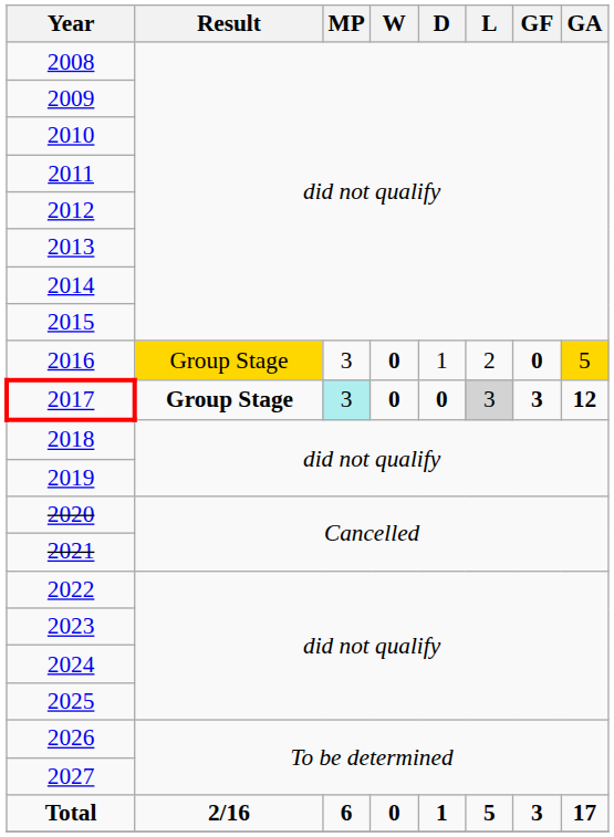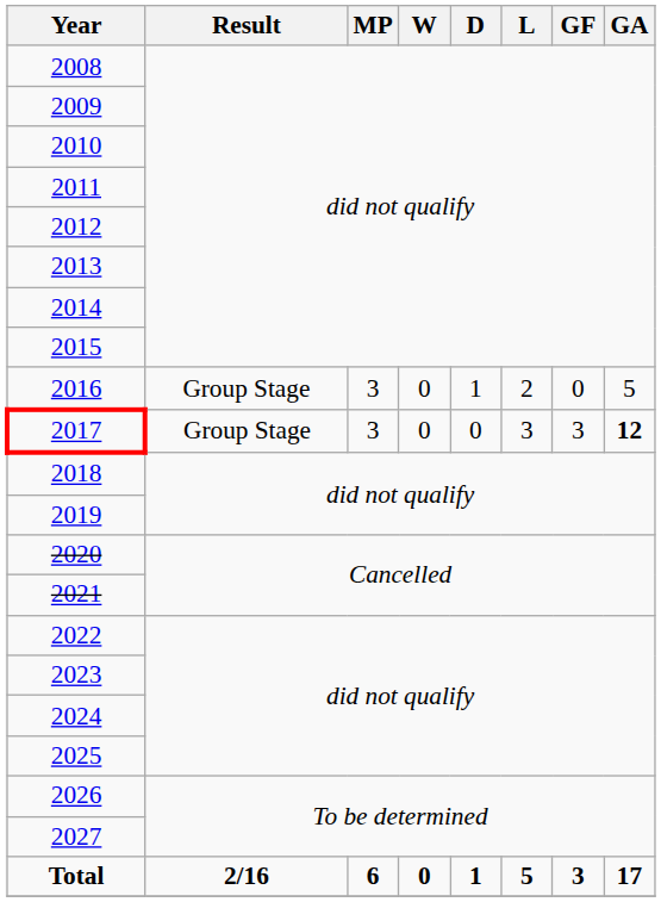 <table class="wikitable" style="text-align: center;">
 <tr>
 <th width=80>Year</th>
 <th width=120>Result</th>
 <th width=25>MP</th>
 <th width=25>W</th>
 <th width=25>D</th>
 <th width=25>L</th>
 <th width=25>GF</th>
 <th width=25>GA</th>
 </tr>
 <tr>
 <td> <a href='#'>2008</a></td>
 <td rowspan=8 colspan=7><em>did not qualify</em></td>
 </tr>
 <tr>
 <td> <a href='#'>2009</a></td>
 </tr>
 <tr>
 <td> <a href='#'>2010</a></td>
 </tr>
 <tr>
 <td> <a href='#'>2011</a></td>
 </tr>
 <tr>
 <td> <a href='#'>2012</a></td>
 </tr>
 <tr>
 <td> <a href='#'>2013</a></td>
 </tr>
 <tr>
 <td> <a href='#'>2014</a></td>
 </tr>
 <tr>
 <td> <a href='#'>2015</a></td>
 </tr>
 <tr>
 <td> <a href='#'>2016</a></td>
-<td style="background: gold;">Group Stage</td>
+<td>Group Stage</td>
 <td>3</td>
-<td><strong>0</strong></td>
+<td>0</td>
 <td>1</td>
 <td>2</td>
-<td><strong>0</strong></td>
-<td style="background: gold;">5</td>
+<td>0</td>
+<td>5</td>
 </tr>
 <tr>
 <td style="border: 3px solid red"> <a href='#'>2017</a></td>
-<td><strong>Group Stage</strong></td>
-<td style="background: paleturquoise;">3</td>
-<td><strong>0</strong></td>
-<td><strong>0</strong></td>
-<td style="background: lightgrey;">3</td>
-<td><strong>3</strong></td>
+<td>Group Stage</td>
+<td>3</td>
+<td>0</td>
+<td>0</td>
+<td>3</td>
+<td>3</td>
 <td><strong>12</strong></td>
 </tr>
 <tr>
 <td> <a href='#'>2018</a></td>
 <td rowspan=2 colspan=7><em>did not qualify</em></td>
 </tr>
 <tr>
 <td> <a href='#'>2019</a></td>
 </tr>
 <tr>
 <td> <s><a href='#'>2020</a></s></td>
 <td rowspan=2 colspan=7><em>Cancelled</em></td>
 </tr>
 <tr>
 <td> <s><a href='#'>2021</a></s></td>
 </tr>
 <tr>
 <td> <a href='#'>2022</a></td>
 <td rowspan=4 colspan=7><em>did not qualify</em></td>
 </tr>
 <tr>
 <td> <a href='#'>2023</a></td>
 </tr>
 <tr>
 <td> <a href='#'>2024</a></td>
 </tr>
 <tr>
 <td> <a href='#'>2025</a></td>
 </tr>
 <tr>
 <td> <a href='#'>2026</a></td>
 <td colspan=8 rowspan=2><em>To be determined</em></td>
 </tr>
 <tr>
 <td> <a href='#'>2027</a></td>
 </tr>
 <tr>
 <td><strong>Total</strong></td>
 <td><strong>2/16</strong></td>
 <td><strong>6</strong></td>
 <td><strong>0</strong></td>
 <td><strong>1</strong></td>
 <td><strong>5</strong></td>
 <td><strong>3</strong></td>
 <td><strong>17</strong></td>
 </tr>
 <tr>
 </tr>
 </table>
